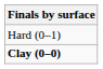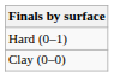 <table class=wikitable style=font-size:90%>
 <tr>
 <th>Finals by surface</th>
 </tr>
 <tr>
 <td>Hard (0–1)</td>
 </tr>
 <tr>
-<td><strong>Clay (0–0)</strong></td>
+<td>Clay (0–0)</td>
 </tr>
 </table>
